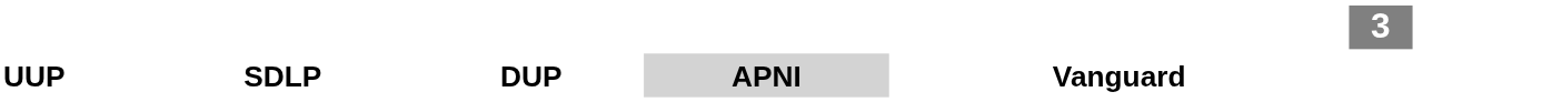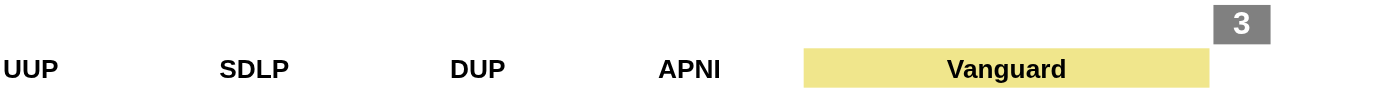 <table style="width:60%; text-align:center;">
 <tr style="color:white;">
 <td style="background:"><strong>31</strong></td>
 <td style="background:"><strong>19</strong></td>
 <td style="background:"><strong>8</strong></td>
 <td style="background:"><strong>8</strong></td>
 <td style="background:"><strong>7</strong></td>
 <td style="background:grey; width:3.8%;"><strong>3</strong></td>
 <td style="background:"><strong>1</strong></td>
 <td style="background:"><strong>1</strong></td>
 </tr>
 <tr>
 <td><span><strong><small>UUP</small></strong></span></td>
 <td><span><strong><small>SDLP</small></strong></span></td>
 <td><span><strong><small>DUP</small></strong></span></td>
-<td style="background: lightgrey;"><span><strong><small>APNI</small></strong></span></td>
-<td><span><strong><small>Vanguard</small> </strong></span></td>
+<td><span><strong><small>APNI</small></strong></span></td>
+<td style="background: khaki;"><span><strong><small>Vanguard</small> </strong></span></td>
 <td><span> </span></td>
 <td><span> </span></td>
 </tr>
 </table>
